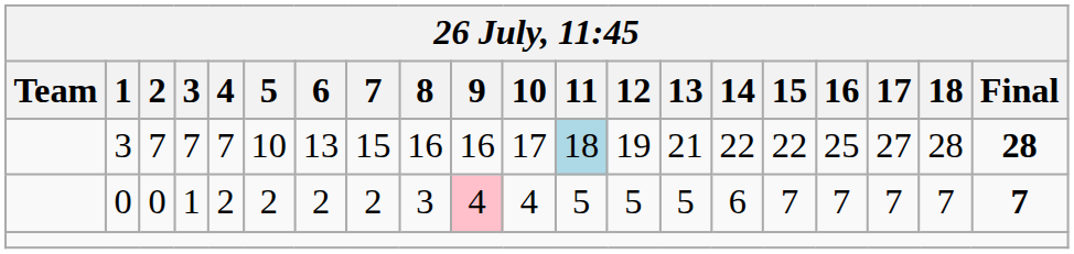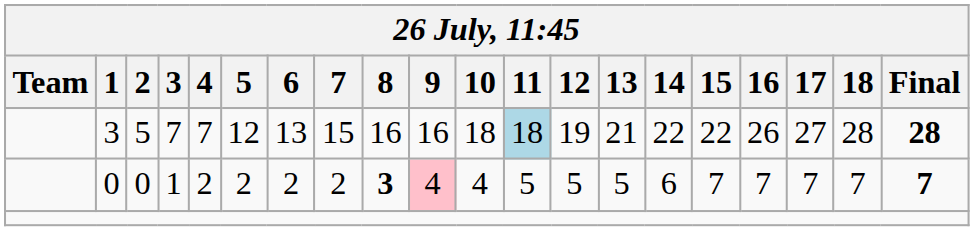 <table class=wikitable style="text-align:center; width: 55%">
 <tr>
 <th colspan=20><em>26 July, 11:45</em></th>
 </tr>
 <tr>
 <th>Team</th>
 <th>1</th>
 <th>2</th>
 <th>3</th>
 <th>4</th>
 <th>5</th>
 <th>6</th>
 <th>7</th>
 <th>8</th>
 <th>9</th>
 <th>10</th>
 <th>11</th>
 <th>12</th>
 <th>13</th>
 <th>14</th>
 <th>15</th>
 <th>16</th>
 <th>17</th>
 <th>18</th>
 <th>Final</th>
 </tr>
 <tr>
 <td align=left><strong></strong></td>
 <td>3</td>
+<td>5</td>
 <td>7</td>
 <td>7</td>
-<td>7</td>
-<td>10</td>
+<td>12</td>
 <td>13</td>
 <td>15</td>
 <td>16</td>
 <td>16</td>
-<td>17</td>
+<td>18</td>
 <td style="background: lightblue;">18</td>
 <td>19</td>
 <td>21</td>
 <td>22</td>
 <td>22</td>
-<td>25</td>
+<td>26</td>
 <td>27</td>
 <td>28</td>
 <td><strong>28</strong></td>
 </tr>
 <tr>
 <td align=left></td>
 <td>0</td>
 <td>0</td>
 <td>1</td>
 <td>2</td>
 <td>2</td>
 <td>2</td>
 <td>2</td>
-<td>3</td>
+<td><strong>3</strong></td>
 <td style="background: pink;">4</td>
 <td>4</td>
 <td>5</td>
 <td>5</td>
 <td>5</td>
 <td>6</td>
 <td>7</td>
 <td>7</td>
 <td>7</td>
 <td>7</td>
 <td><strong>7</strong></td>
 </tr>
 <tr>
 <td colspan=20></td>
 </tr>
 </table>
